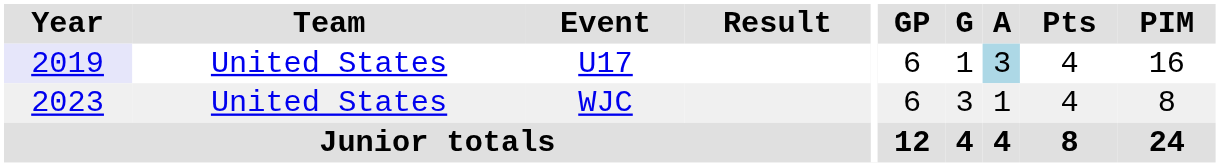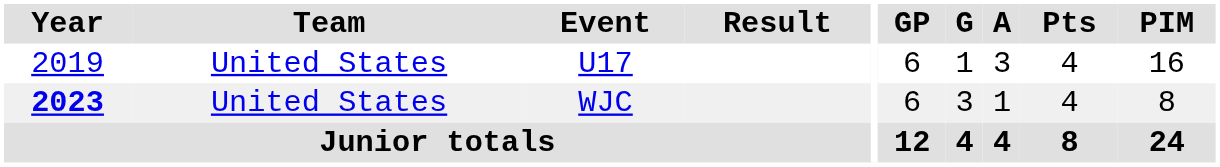 <table border="0" cellpadding="1" cellspacing="0" ID="Table3" style="text-align:center; width:40em">
 <tr bgcolor="#e0e0e0">
 <th>Year</th>
 <th>Team</th>
 <th>Event</th>
 <th>Result</th>
 <th rowspan="99" bgcolor="#ffffff"></th>
 <th>GP</th>
 <th>G</th>
 <th>A</th>
 <th>Pts</th>
 <th>PIM</th>
 </tr>
 <tr>
-<td style="background: lavender;"><a href='#'>2019</a></td>
+<td><a href='#'>2019</a></td>
 <td><a href='#'>United States</a></td>
 <td><a href='#'>U17</a></td>
 <td></td>
 <td>6</td>
 <td>1</td>
-<td style="background: lightblue;">3</td>
+<td>3</td>
 <td>4</td>
 <td>16</td>
 </tr>
 <tr bgcolor="#f0f0f0">
-<td><a href='#'>2023</a></td>
+<td><strong><a href='#'>2023</a></strong></td>
 <td><a href='#'>United States</a></td>
 <td><a href='#'>WJC</a></td>
 <td></td>
 <td>6</td>
 <td>3</td>
 <td>1</td>
 <td>4</td>
 <td>8</td>
 </tr>
 <tr bgcolor="#e0e0e0">
 <th colspan="4">Junior totals</th>
 <th>12</th>
 <th>4</th>
 <th>4</th>
 <th>8</th>
 <th>24</th>
 </tr>
 </table>
